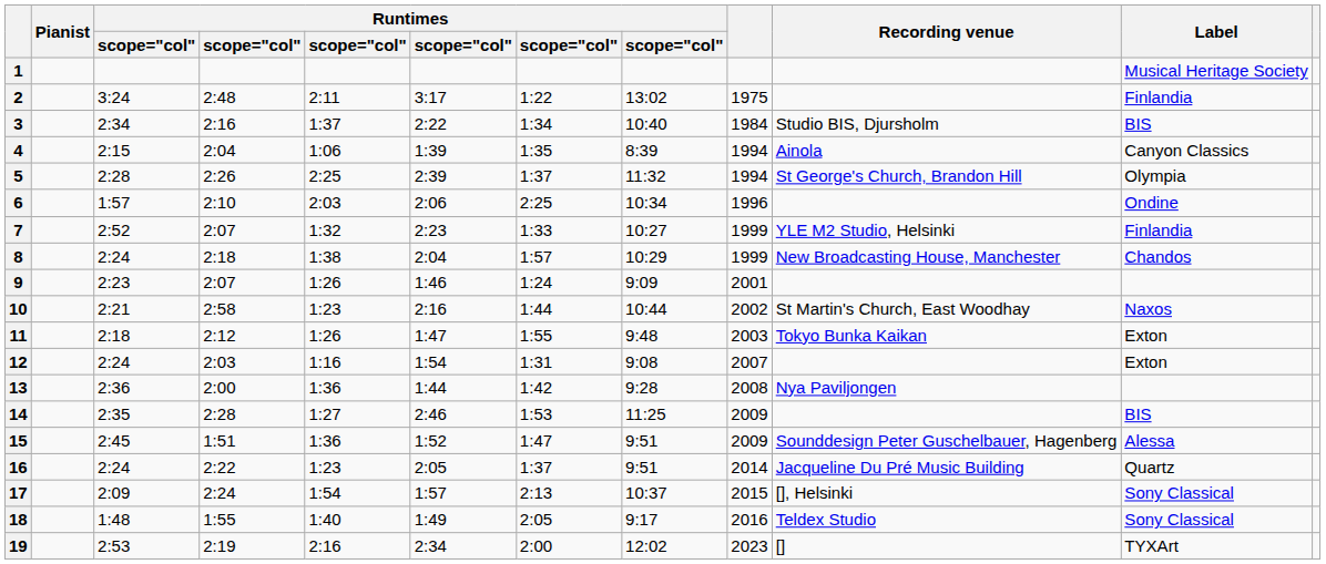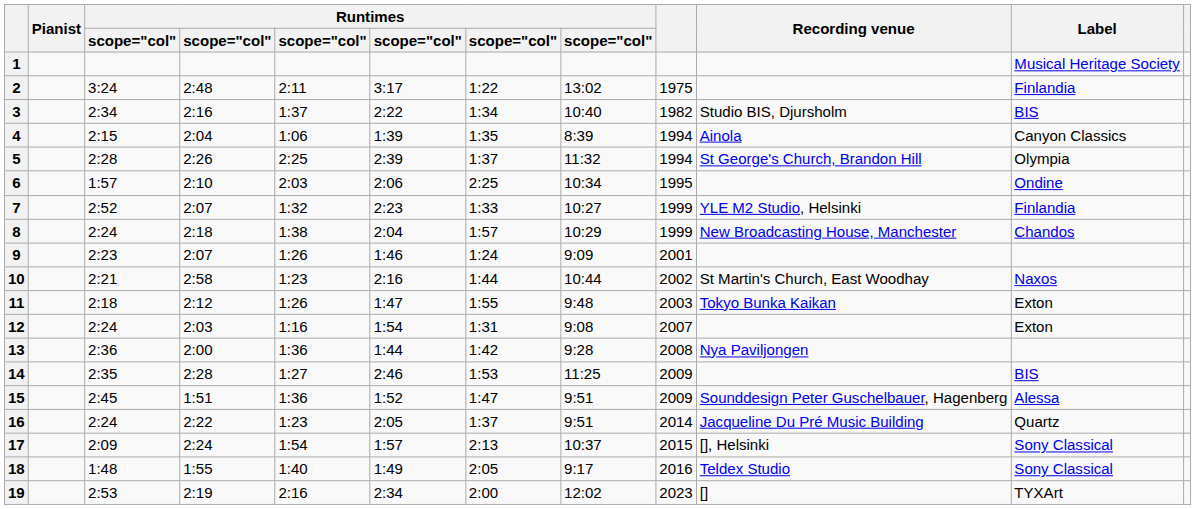 <table class="wikitable sortable" style="margin-right:0; font-size:95%">
 <tr>
 <th rowspan=2 scope="col"></th>
 <th rowspan=2 scope=col>Pianist</th>
 <th colspan=6 scope=col>Runtimes</th>
 <th rowspan=2 scope=col></th>
 <th rowspan=2 scope=col>Recording venue</th>
 <th rowspan=2 scope=col>Label</th>
 <th rowspan=2 scope=col class="unsortable"></th>
 </tr>
 <tr>
 <th>scope="col" </th>
 <th>scope="col" </th>
 <th>scope="col" </th>
 <th>scope="col" </th>
 <th>scope="col" </th>
 <th>scope="col" </th>
 </tr>
 <tr>
 <th scope="row">1</th>
 <td></td>
 <td></td>
 <td></td>
 <td></td>
 <td></td>
 <td></td>
 <td></td>
 <td></td>
 <td></td>
 <td><a href='#'>Musical Heritage Society</a></td>
 <td></td>
 </tr>
 <tr>
 <th scope="row">2</th>
 <td></td>
 <td>3:24</td>
 <td>2:48</td>
 <td>2:11</td>
 <td>3:17</td>
 <td>1:22</td>
 <td>13:02</td>
 <td>1975</td>
 <td></td>
 <td><a href='#'>Finlandia</a></td>
 <td></td>
 </tr>
 <tr>
 <th scope="row">3</th>
 <td></td>
 <td>2:34</td>
 <td>2:16</td>
 <td>1:37</td>
 <td>2:22</td>
 <td>1:34</td>
 <td>10:40</td>
-<td>1984</td>
+<td>1982</td>
 <td>Studio BIS, Djursholm</td>
 <td><a href='#'>BIS</a></td>
 <td></td>
 </tr>
 <tr>
 <th scope="row">4</th>
 <td></td>
 <td>2:15</td>
 <td>2:04</td>
 <td>1:06</td>
 <td>1:39</td>
 <td>1:35</td>
 <td>8:39</td>
 <td>1994</td>
 <td><a href='#'>Ainola</a></td>
 <td>Canyon Classics</td>
 <td></td>
 </tr>
 <tr>
 <th scope="row">5</th>
 <td></td>
 <td>2:28</td>
 <td>2:26</td>
 <td>2:25</td>
 <td>2:39</td>
 <td>1:37</td>
 <td>11:32</td>
 <td>1994</td>
 <td><a href='#'>St George's Church, Brandon Hill</a></td>
 <td>Olympia</td>
 <td></td>
 </tr>
 <tr>
 <th scope="row">6</th>
 <td></td>
 <td>1:57</td>
 <td>2:10</td>
 <td>2:03</td>
 <td>2:06</td>
 <td>2:25</td>
 <td>10:34</td>
-<td>1996</td>
+<td>1995</td>
 <td></td>
 <td><a href='#'>Ondine</a></td>
 <td></td>
 </tr>
 <tr>
 <th scope="row">7</th>
 <td></td>
 <td>2:52</td>
 <td>2:07</td>
 <td>1:32</td>
 <td>2:23</td>
 <td>1:33</td>
 <td>10:27</td>
 <td>1999</td>
 <td><a href='#'>YLE M2 Studio</a>, Helsinki</td>
 <td><a href='#'>Finlandia</a></td>
 <td></td>
 </tr>
 <tr>
 <th scope="row">8</th>
 <td></td>
 <td>2:24</td>
 <td>2:18</td>
 <td>1:38</td>
 <td>2:04</td>
 <td>1:57</td>
 <td>10:29</td>
 <td>1999</td>
 <td><a href='#'>New Broadcasting House, Manchester</a></td>
 <td><a href='#'>Chandos</a></td>
 <td></td>
 </tr>
 <tr>
 <th scope="row">9</th>
 <td></td>
 <td>2:23</td>
 <td>2:07</td>
 <td>1:26</td>
 <td>1:46</td>
 <td>1:24</td>
 <td>9:09</td>
 <td>2001</td>
 <td></td>
 <td></td>
 <td></td>
 </tr>
 <tr>
 <th scope="row">10</th>
 <td></td>
 <td>2:21</td>
 <td>2:58</td>
 <td>1:23</td>
 <td>2:16</td>
 <td>1:44</td>
 <td>10:44</td>
 <td>2002</td>
 <td>St Martin's Church, East Woodhay</td>
 <td><a href='#'>Naxos</a></td>
 <td></td>
 </tr>
 <tr>
 <th scope="row">11</th>
 <td></td>
 <td>2:18</td>
 <td>2:12</td>
 <td>1:26</td>
 <td>1:47</td>
 <td>1:55</td>
 <td>9:48</td>
 <td>2003</td>
 <td><a href='#'>Tokyo Bunka Kaikan</a></td>
 <td>Exton</td>
 <td></td>
 </tr>
 <tr>
 <th scope="row">12</th>
 <td></td>
 <td>2:24</td>
 <td>2:03</td>
 <td>1:16</td>
 <td>1:54</td>
 <td>1:31</td>
 <td>9:08</td>
 <td>2007</td>
 <td></td>
 <td>Exton</td>
 <td></td>
 </tr>
 <tr>
 <th scope="row">13</th>
 <td></td>
 <td>2:36</td>
 <td>2:00</td>
 <td>1:36</td>
 <td>1:44</td>
 <td>1:42</td>
 <td>9:28</td>
 <td>2008</td>
 <td><a href='#'>Nya Paviljongen</a></td>
 <td></td>
 <td></td>
 </tr>
 <tr>
 <th scope="row">14</th>
 <td></td>
 <td>2:35</td>
 <td>2:28</td>
 <td>1:27</td>
 <td>2:46</td>
 <td>1:53</td>
 <td>11:25</td>
 <td>2009</td>
 <td></td>
 <td><a href='#'>BIS</a></td>
 <td></td>
 </tr>
 <tr>
 <th scope="row">15</th>
 <td></td>
 <td>2:45</td>
 <td>1:51</td>
 <td>1:36</td>
 <td>1:52</td>
 <td>1:47</td>
 <td>9:51</td>
 <td>2009</td>
 <td><a href='#'>Sounddesign Peter Guschelbauer</a>, Hagenberg</td>
 <td><a href='#'>Alessa</a></td>
 <td></td>
 </tr>
 <tr>
 <th scope="row">16</th>
 <td></td>
 <td>2:24</td>
 <td>2:22</td>
 <td>1:23</td>
 <td>2:05</td>
 <td>1:37</td>
 <td>9:51</td>
 <td>2014</td>
 <td><a href='#'>Jacqueline Du Pré Music Building</a></td>
 <td>Quartz</td>
 <td></td>
 </tr>
 <tr>
 <th scope="row">17</th>
 <td></td>
 <td>2:09</td>
 <td>2:24</td>
 <td>1:54</td>
 <td>1:57</td>
 <td>2:13</td>
 <td>10:37</td>
 <td>2015</td>
 <td>[], Helsinki</td>
 <td><a href='#'>Sony Classical</a></td>
 <td></td>
 </tr>
 <tr>
 <th scope="row">18</th>
 <td></td>
 <td>1:48</td>
 <td>1:55</td>
 <td>1:40</td>
 <td>1:49</td>
 <td>2:05</td>
 <td>9:17</td>
 <td>2016</td>
 <td><a href='#'>Teldex Studio</a></td>
 <td><a href='#'>Sony Classical</a></td>
 <td></td>
 </tr>
 <tr>
 <th scope="row">19</th>
 <td></td>
 <td>2:53</td>
 <td>2:19</td>
 <td>2:16</td>
 <td>2:34</td>
 <td>2:00</td>
 <td>12:02</td>
 <td>2023</td>
 <td>[]</td>
 <td>TYXArt</td>
 <td></td>
 </tr>
 </table>
